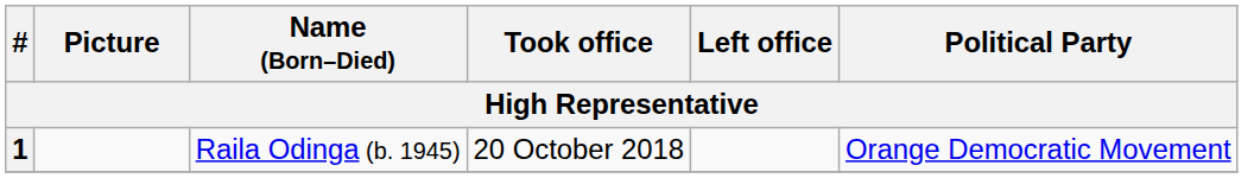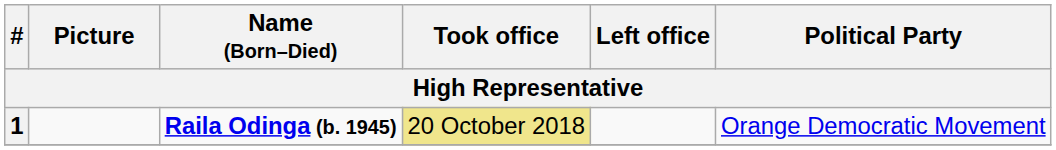 <table class="wikitable" style="text-align:center">
 <tr>
 <th>#</th>
 <th style="width:80px;">Picture</th>
 <th>Name<br><small>(Born–Died)</small></th>
 <th>Took office</th>
 <th>Left office</th>
 <th>Political Party</th>
 </tr>
 <tr>
 <th colspan="6">High Representative</th>
 </tr>
 <tr>
 <th style="background:">1</th>
 <td></td>
-<td><a href='#'>Raila Odinga</a><small> (b. 1945)</small></td>
-<td>20 October 2018</td>
+<td><strong><a href='#'>Raila Odinga</a><small> (b. 1945)</small></strong></td>
+<td style="background: khaki;">20 October 2018</td>
 <td></td>
 <td><a href='#'>Orange Democratic Movement</a></td>
 </tr>
 <tr>
 </tr>
 </table>
